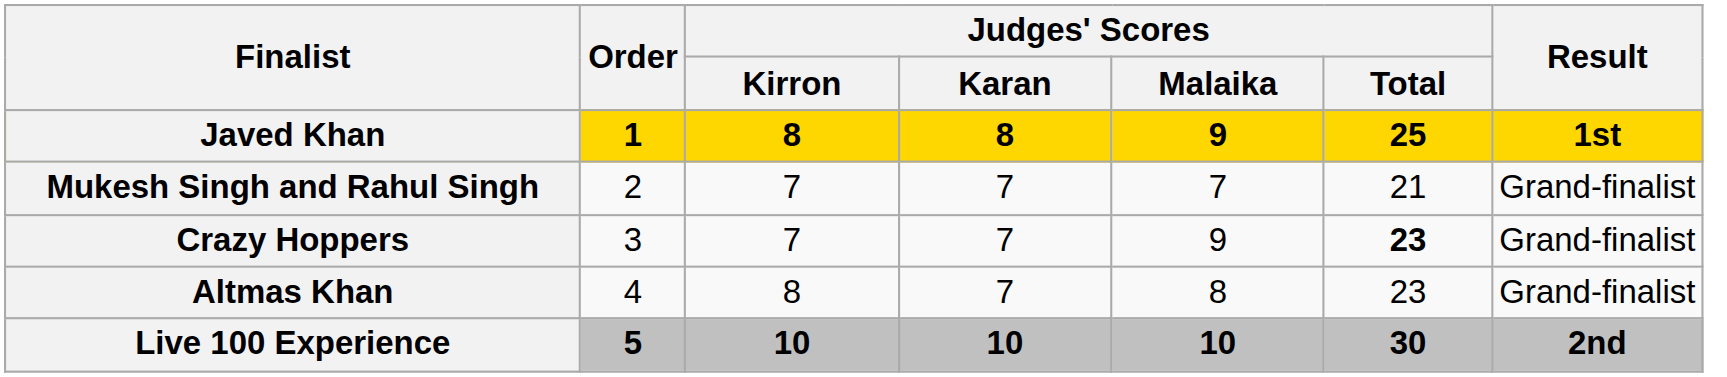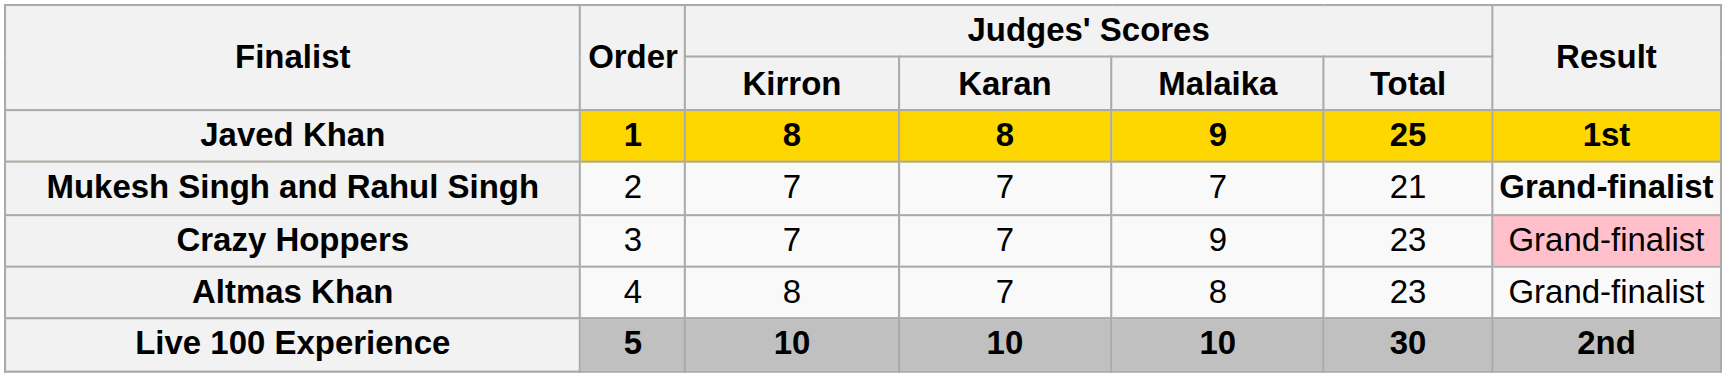 <table class="wikitable plainrowheaders sortable" style="text-align:center;">
 <tr>
 <th scope="col" rowspan="2" class="unsortable" scope="col" style="width:17em;">Finalist</th>
 <th scope="col" rowspan="2" scope="col" style="width:1em;">Order</th>
 <th colspan="4" scope="col" class="unsortable" style="width:24em;">Judges' Scores</th>
 <th scope="col" rowspan="2">Result</th>
 </tr>
 <tr>
 <th scope="col" class="unsortable" style="width:6em;">Kirron</th>
 <th scope="col" class="unsortable" style="width:6em;">Karan</th>
 <th scope="col" class="unsortable" style="width:6em;">Malaika</th>
 <th>Total</th>
 </tr>
 <tr style="background:gold;">
 <th scope="row"><strong>Javed Khan</strong></th>
 <td><strong>1</strong></td>
 <td><strong>8</strong></td>
 <td><strong>8</strong></td>
 <td><strong>9</strong></td>
 <td><strong>25</strong></td>
 <td><strong>1st</strong></td>
 </tr>
 <tr>
 <th scope="row">Mukesh Singh and Rahul Singh</th>
 <td>2</td>
 <td>7</td>
 <td>7</td>
 <td>7</td>
 <td>21</td>
-<td>Grand-finalist</td>
+<td><strong>Grand-finalist</strong></td>
 </tr>
 <tr>
 <th scope="row">Crazy Hoppers</th>
 <td>3</td>
 <td>7</td>
 <td>7</td>
 <td>9</td>
-<td><strong>23</strong></td>
-<td>Grand-finalist</td>
+<td>23</td>
+<td style="background: pink;">Grand-finalist</td>
 </tr>
 <tr>
 <th scope="row">Altmas Khan</th>
 <td>4</td>
 <td>8</td>
 <td>7</td>
 <td>8</td>
 <td>23</td>
 <td>Grand-finalist</td>
 </tr>
 <tr style="background:silver;">
 <th scope="row"><strong>Live 100 Experience</strong></th>
 <td><strong>5</strong></td>
 <td><strong>10</strong></td>
 <td><strong>10</strong></td>
 <td><strong>10</strong></td>
 <td><strong>30</strong></td>
 <td><strong>2nd</strong></td>
 </tr>
 </table>
